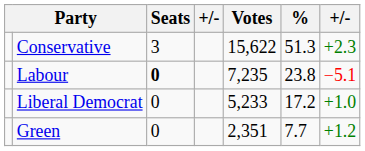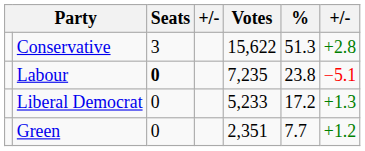 <table class="wikitable">
 <tr>
 <th colspan="2">Party</th>
 <th>Seats</th>
 <th>+/-</th>
 <th>Votes</th>
 <th>%</th>
 <th>+/-</th>
 </tr>
 <tr>
 <td style="background-color: "></td>
 <td><a href='#'>Conservative</a></td>
 <td>3</td>
 <td></td>
 <td>15,622</td>
 <td>51.3</td>
-<td style="color:green">+2.3</td>
+<td style="color:green">+2.8</td>
 </tr>
 <tr>
 <td style="background-color: "></td>
 <td><a href='#'>Labour</a></td>
 <td><strong>0</strong></td>
 <td></td>
 <td>7,235</td>
 <td>23.8</td>
 <td style="color:red">−5.1</td>
 </tr>
 <tr>
 <td style="background-color: "></td>
 <td><a href='#'>Liberal Democrat</a></td>
 <td>0</td>
 <td></td>
 <td>5,233</td>
 <td>17.2</td>
-<td style="color:green">+1.0</td>
+<td style="color:green">+1.3</td>
 </tr>
 <tr>
 <td style="background-color: "></td>
 <td><a href='#'>Green</a></td>
 <td>0</td>
 <td></td>
 <td>2,351</td>
 <td>7.7</td>
 <td style="color:green">+1.2</td>
 </tr>
 </table>
